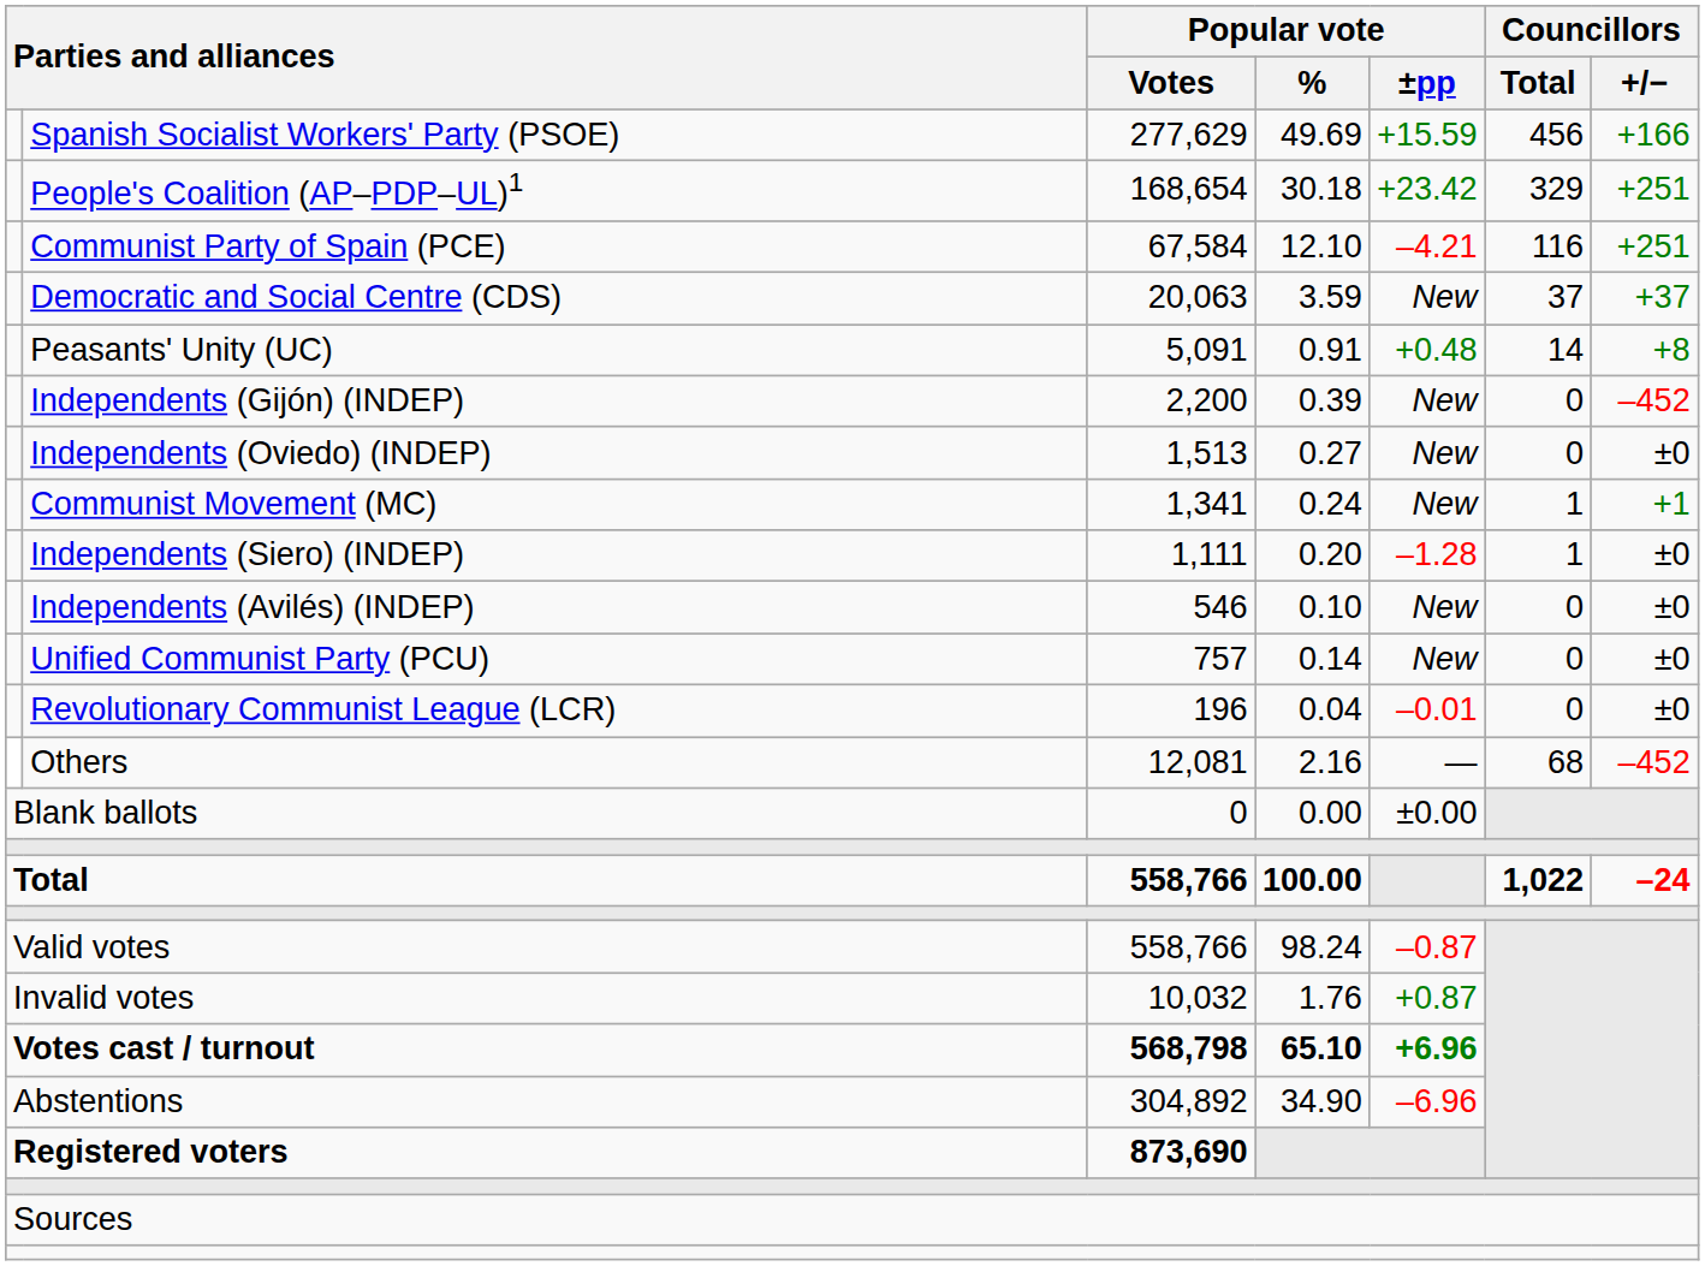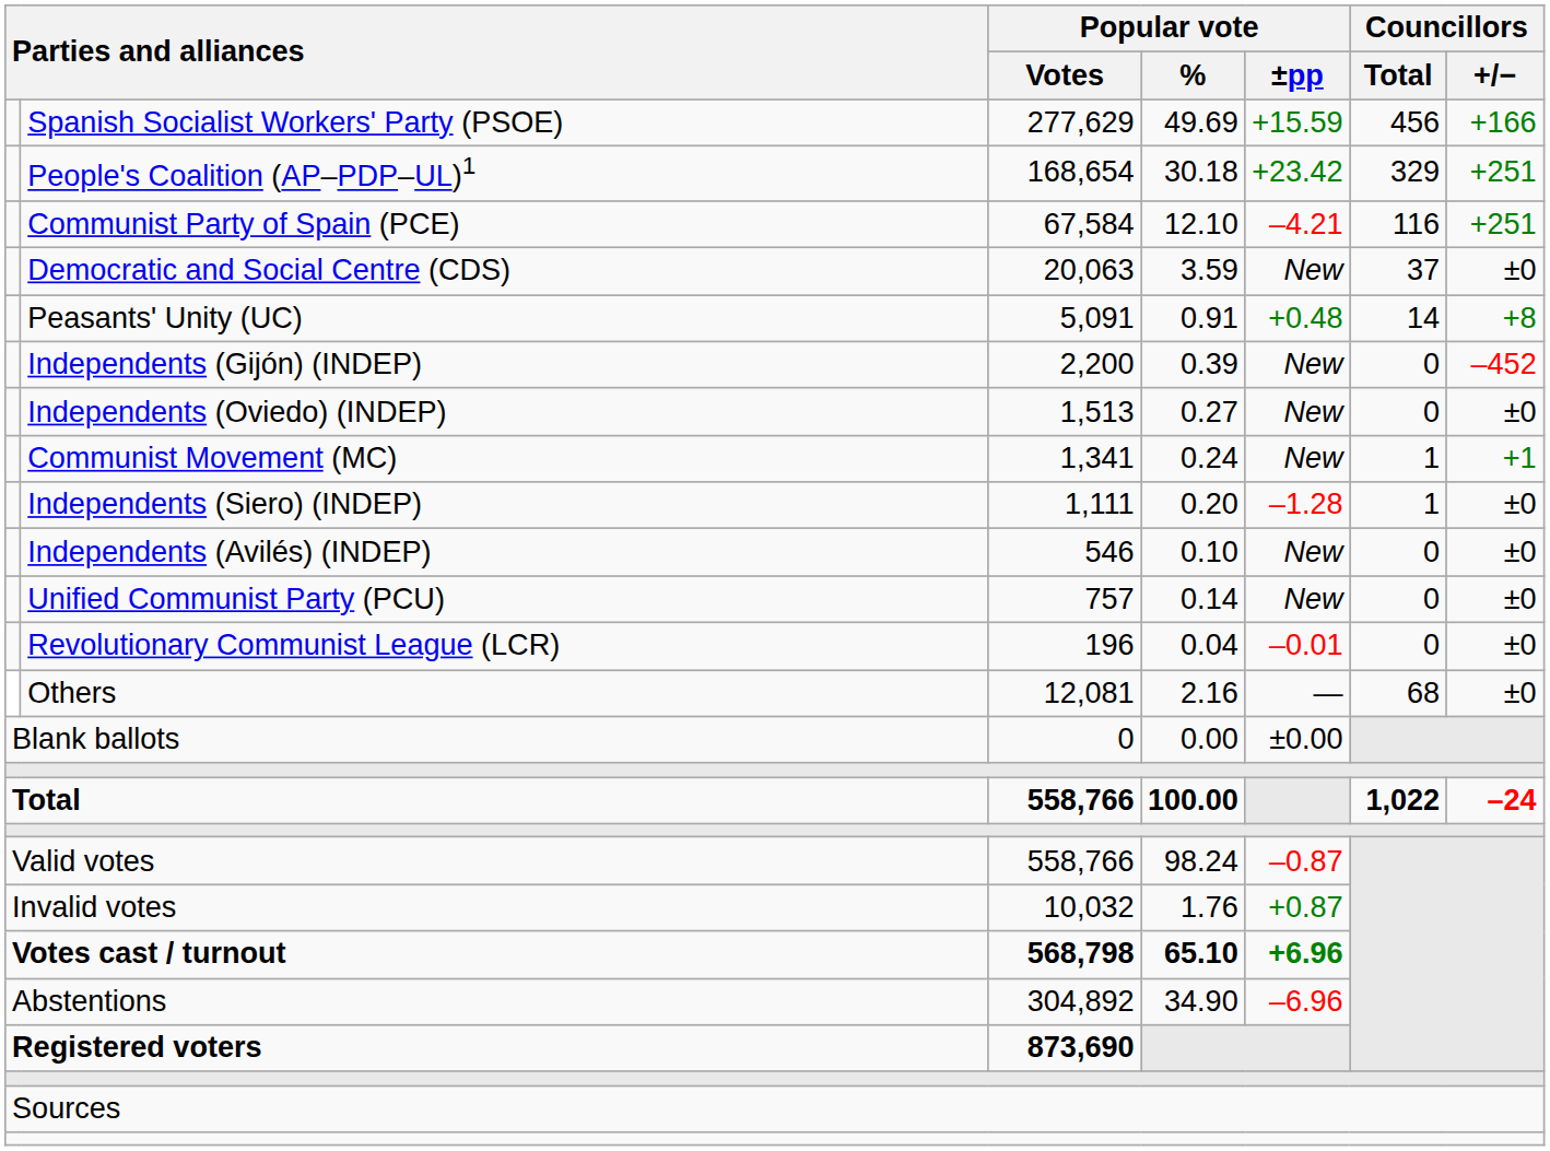 <table class="wikitable" style="text-align:right;">
 <tr>
 <th style="text-align:left;" rowspan="2" colspan="2" width="525">Parties and alliances</th>
 <th colspan="3">Popular vote</th>
 <th colspan="2">Councillors</th>
 </tr>
 <tr>
 <th width="75">Votes</th>
 <th width="45">%</th>
 <th width="45">±<a href='#'>pp</a></th>
 <th width="45">Total</th>
 <th width="45">+/−</th>
 </tr>
 <tr>
 <td width="1" style="color:inherit;background:"></td>
 <td align="left"><a href='#'>Spanish Socialist Workers' Party</a> (PSOE)</td>
 <td>277,629</td>
 <td>49.69</td>
 <td style="color:green;">+15.59</td>
 <td>456</td>
 <td style="color:green;">+166</td>
 </tr>
 <tr>
 <td style="color:inherit;background:"></td>
 <td align="left"><a href='#'>People's Coalition</a> (<a href='#'>AP</a>–<a href='#'>PDP</a>–<a href='#'>UL</a>)<sup>1</sup></td>
 <td>168,654</td>
 <td>30.18</td>
 <td style="color:green;">+23.42</td>
 <td>329</td>
 <td style="color:green;">+251</td>
 </tr>
 <tr>
 <td style="color:inherit;background:"></td>
 <td align="left"><a href='#'>Communist Party of Spain</a> (PCE)</td>
 <td>67,584</td>
 <td>12.10</td>
 <td style="color:red;">–4.21</td>
 <td>116</td>
 <td style="color:green;">+251</td>
 </tr>
 <tr>
 <td style="color:inherit;background:"></td>
 <td align="left"><a href='#'>Democratic and Social Centre</a> (CDS)</td>
 <td>20,063</td>
 <td>3.59</td>
 <td><em>New</em></td>
 <td>37</td>
-<td style="color:green;">+37</td>
+<td>±0</td>
 </tr>
 <tr>
 <td style="color:inherit;background:"></td>
 <td align="left">Peasants' Unity (UC)</td>
 <td>5,091</td>
 <td>0.91</td>
 <td style="color:green;">+0.48</td>
 <td>14</td>
 <td style="color:green;">+8</td>
 </tr>
 <tr>
 <td style="color:inherit;background:"></td>
 <td align="left"><a href='#'>Independents</a> (Gijón) (INDEP)</td>
 <td>2,200</td>
 <td>0.39</td>
 <td><em>New</em></td>
 <td>0</td>
 <td style="color:red;">–452</td>
 </tr>
 <tr>
 <td style="color:inherit;background:"></td>
 <td align="left"><a href='#'>Independents</a> (Oviedo) (INDEP)</td>
 <td>1,513</td>
 <td>0.27</td>
 <td><em>New</em></td>
 <td>0</td>
 <td>±0</td>
 </tr>
 <tr>
 <td style="color:inherit;background:"></td>
 <td align="left"><a href='#'>Communist Movement</a> (MC)</td>
 <td>1,341</td>
 <td>0.24</td>
 <td><em>New</em></td>
 <td>1</td>
 <td style="color:green;">+1</td>
 </tr>
 <tr>
 <td style="color:inherit;background:"></td>
 <td align="left"><a href='#'>Independents</a> (Siero) (INDEP)</td>
 <td>1,111</td>
 <td>0.20</td>
 <td style="color:red;">–1.28</td>
 <td>1</td>
 <td>±0</td>
 </tr>
 <tr>
 <td style="color:inherit;background:"></td>
 <td align="left"><a href='#'>Independents</a> (Avilés) (INDEP)</td>
 <td>546</td>
 <td>0.10</td>
 <td><em>New</em></td>
 <td>0</td>
 <td>±0</td>
 </tr>
 <tr>
 <td style="color:inherit;background:"></td>
 <td align="left"><a href='#'>Unified Communist Party</a> (PCU)</td>
 <td>757</td>
 <td>0.14</td>
 <td><em>New</em></td>
 <td>0</td>
 <td>±0</td>
 </tr>
 <tr>
 <td style="color:inherit;background:"></td>
 <td align="left"><a href='#'>Revolutionary Communist League</a> (LCR)</td>
 <td>196</td>
 <td>0.04</td>
 <td style="color:red;">–0.01</td>
 <td>0</td>
 <td>±0</td>
 </tr>
 <tr>
 <td bgcolor="white"></td>
 <td align="left">Others</td>
 <td>12,081</td>
 <td>2.16</td>
 <td>—</td>
 <td>68</td>
-<td style="color:red;">–452</td>
+<td>±0</td>
 </tr>
 <tr>
 <td align="left" colspan="2">Blank ballots</td>
 <td>0</td>
 <td>0.00</td>
 <td>±0.00</td>
 <td bgcolor="#E9E9E9" colspan="2"></td>
 </tr>
 <tr>
 <td colspan="7" bgcolor="#E9E9E9"></td>
 </tr>
 <tr style="font-weight:bold;">
 <td align="left" colspan="2">Total</td>
 <td>558,766</td>
 <td>100.00</td>
 <td bgcolor="#E9E9E9"></td>
 <td>1,022</td>
 <td style="color:red;">–24</td>
 </tr>
 <tr>
 <td colspan="7" bgcolor="#E9E9E9"></td>
 </tr>
 <tr>
 <td align="left" colspan="2">Valid votes</td>
 <td>558,766</td>
 <td>98.24</td>
 <td style="color:red;">–0.87</td>
 <td bgcolor="#E9E9E9" colspan="2" rowspan="5"></td>
 </tr>
 <tr>
 <td align="left" colspan="2">Invalid votes</td>
 <td>10,032</td>
 <td>1.76</td>
 <td style="color:green;">+0.87</td>
 </tr>
 <tr style="font-weight:bold;">
 <td align="left" colspan="2">Votes cast / turnout</td>
 <td>568,798</td>
 <td>65.10</td>
 <td style="color:green;">+6.96</td>
 </tr>
 <tr>
 <td align="left" colspan="2">Abstentions</td>
 <td>304,892</td>
 <td>34.90</td>
 <td style="color:red;">–6.96</td>
 </tr>
 <tr style="font-weight:bold;">
 <td align="left" colspan="2">Registered voters</td>
 <td>873,690</td>
 <td bgcolor="#E9E9E9" colspan="2"></td>
 </tr>
 <tr>
 <td colspan="7" bgcolor="#E9E9E9"></td>
 </tr>
 <tr>
 <td align="left" colspan="7">Sources</td>
 </tr>
 <tr>
 <td colspan="7" style="text-align:left; max-width:790px;"></td>
 </tr>
 </table>
